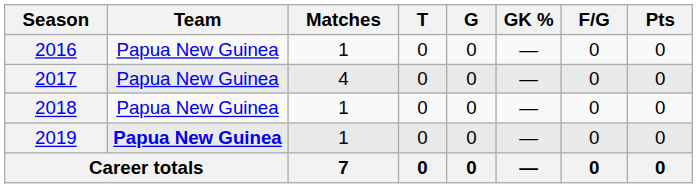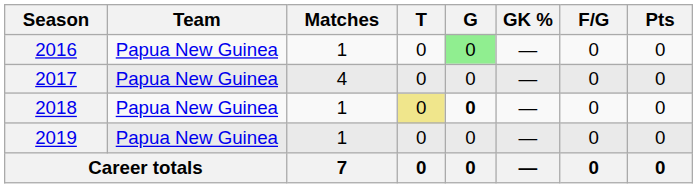 <table class="wikitable sortable"  style="font-size:90%; text-align:center; width:85%;">
 <tr>
 <th width=2%>Season</th>
 <th width=8%>Team</th>
 <th width=2%>Matches</th>
 <th width=2%>T</th>
 <th width=2%>G</th>
 <th width=2%>GK %</th>
 <th width=2%>F/G</th>
 <th width=2%>Pts</th>
 </tr>
 <tr>
 <th scope="row" style="text-align:center; font-weight:normal"><a href='#'>2016</a></th>
 <td style="text-align:center;"> <a href='#'>Papua New Guinea</a></td>
 <td>1</td>
 <td>0</td>
-<td>0</td>
+<td style="background: lightgreen;">0</td>
 <td>—</td>
 <td>0</td>
 <td>0</td>
 </tr>
 <tr style="background:#eaeaea;">
 <th scope="row" style="text-align:center; font-weight:normal"><a href='#'>2017</a></th>
 <td style="text-align:center;"> <a href='#'>Papua New Guinea</a></td>
 <td>4</td>
 <td>0</td>
 <td>0</td>
 <td>—</td>
 <td>0</td>
 <td>0</td>
 </tr>
 <tr>
 <th scope="row" style="text-align:center; font-weight:normal"><a href='#'>2018</a></th>
 <td style="text-align:center;"> <a href='#'>Papua New Guinea</a></td>
 <td>1</td>
-<td>0</td>
-<td>0</td>
+<td style="background: khaki;">0</td>
+<td><strong>0</strong></td>
 <td>—</td>
 <td>0</td>
 <td>0</td>
 </tr>
 <tr style="background:#eaeaea;">
 <th scope="row" style="text-align:center; font-weight:normal"><a href='#'>2019</a></th>
-<td style="text-align:center;"><strong> <a href='#'>Papua New Guinea</a></strong></td>
+<td style="text-align:center;"> <a href='#'>Papua New Guinea</a></td>
 <td>1</td>
 <td>0</td>
 <td>0</td>
 <td>—</td>
 <td>0</td>
 <td>0</td>
 </tr>
 <tr class="sortbottom">
 <th colspan=2>Career totals</th>
 <th>7</th>
 <th>0</th>
 <th>0</th>
 <th>—</th>
 <th>0</th>
 <th>0</th>
 </tr>
 </table>
